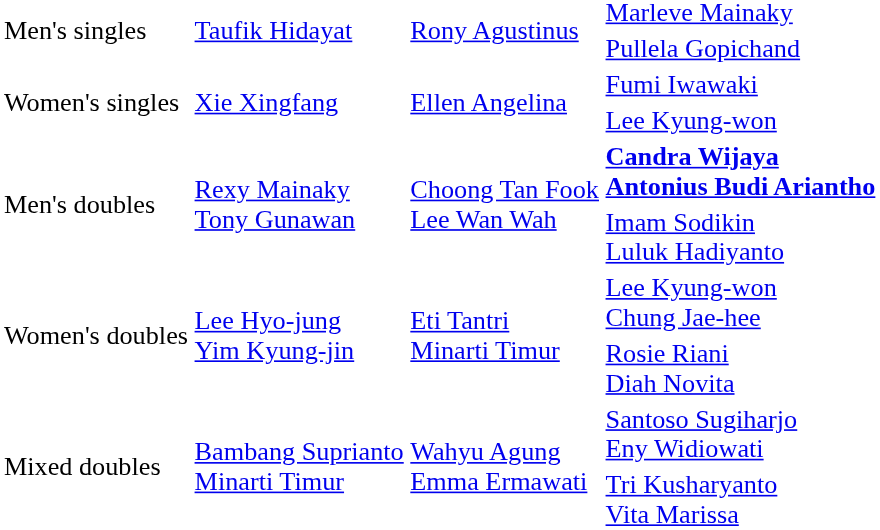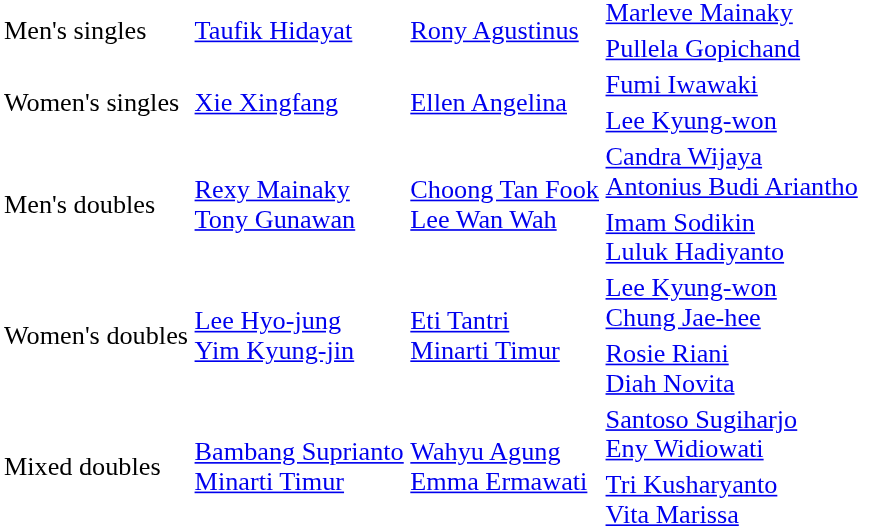 <table>
 <tr>
 <td rowspan="2">Men's singles</td>
 <td rowspan="2"> <a href='#'>Taufik Hidayat</a></td>
 <td rowspan="2"> <a href='#'>Rony Agustinus</a></td>
 <td> <a href='#'>Marleve Mainaky</a></td>
 </tr>
 <tr>
 <td> <a href='#'>Pullela Gopichand</a></td>
 </tr>
 <tr>
 <td rowspan="2">Women's singles</td>
 <td rowspan="2"> <a href='#'>Xie Xingfang</a></td>
 <td rowspan="2"> <a href='#'>Ellen Angelina</a></td>
 <td> <a href='#'>Fumi Iwawaki</a></td>
 </tr>
 <tr>
 <td> <a href='#'>Lee Kyung-won</a></td>
 </tr>
 <tr>
 <td rowspan="2">Men's doubles</td>
 <td rowspan="2"> <a href='#'>Rexy Mainaky</a> <br>  <a href='#'>Tony Gunawan</a></td>
 <td rowspan="2"> <a href='#'>Choong Tan Fook</a> <br>  <a href='#'>Lee Wan Wah</a></td>
-<td><strong> <a href='#'>Candra Wijaya</a> <br>  <a href='#'>Antonius Budi Ariantho</a></strong></td>
+<td> <a href='#'>Candra Wijaya</a> <br>  <a href='#'>Antonius Budi Ariantho</a></td>
 </tr>
 <tr>
 <td> <a href='#'>Imam Sodikin</a> <br>  <a href='#'>Luluk Hadiyanto</a></td>
 </tr>
 <tr>
 <td rowspan="2">Women's doubles</td>
 <td rowspan="2"> <a href='#'>Lee Hyo-jung</a> <br>  <a href='#'>Yim Kyung-jin</a></td>
 <td rowspan="2"> <a href='#'>Eti Tantri</a> <br>  <a href='#'>Minarti Timur</a></td>
 <td> <a href='#'>Lee Kyung-won</a> <br>  <a href='#'>Chung Jae-hee</a></td>
 </tr>
 <tr>
 <td> <a href='#'>Rosie Riani</a> <br>  <a href='#'>Diah Novita</a></td>
 </tr>
 <tr>
 <td rowspan="2">Mixed doubles</td>
 <td rowspan="2"> <a href='#'>Bambang Suprianto</a> <br>  <a href='#'>Minarti Timur</a></td>
 <td rowspan="2"> <a href='#'>Wahyu Agung</a> <br>  <a href='#'>Emma Ermawati</a></td>
 <td> <a href='#'>Santoso Sugiharjo</a> <br>  <a href='#'>Eny Widiowati</a></td>
 </tr>
 <tr>
 <td> <a href='#'>Tri Kusharyanto</a> <br>  <a href='#'>Vita Marissa</a></td>
 </tr>
 </table>
